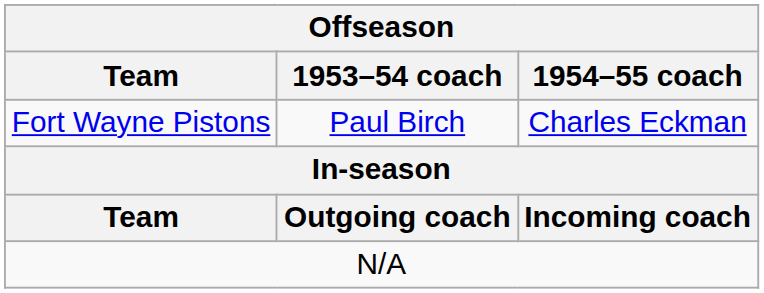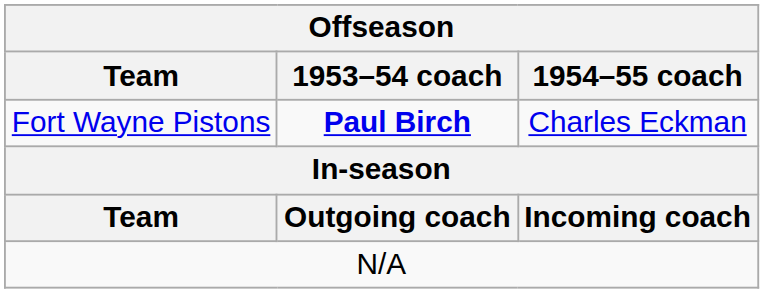 <table class="wikitable" style="text-align: center">
 <tr>
 <th colspan="3">Offseason</th>
 </tr>
 <tr>
 <th>Team</th>
 <th>1953–54 coach</th>
 <th>1954–55 coach</th>
 </tr>
 <tr>
 <td><a href='#'>Fort Wayne Pistons</a></td>
-<td><a href='#'>Paul Birch</a></td>
+<td><strong><a href='#'>Paul Birch</a></strong></td>
 <td><a href='#'>Charles Eckman</a></td>
 </tr>
 <tr>
 <th colspan="3">In-season</th>
 </tr>
 <tr>
 <th>Team</th>
 <th>Outgoing coach</th>
 <th>Incoming coach</th>
 </tr>
 <tr>
 <td colspan="3">N/A</td>
 </tr>
 </table>
